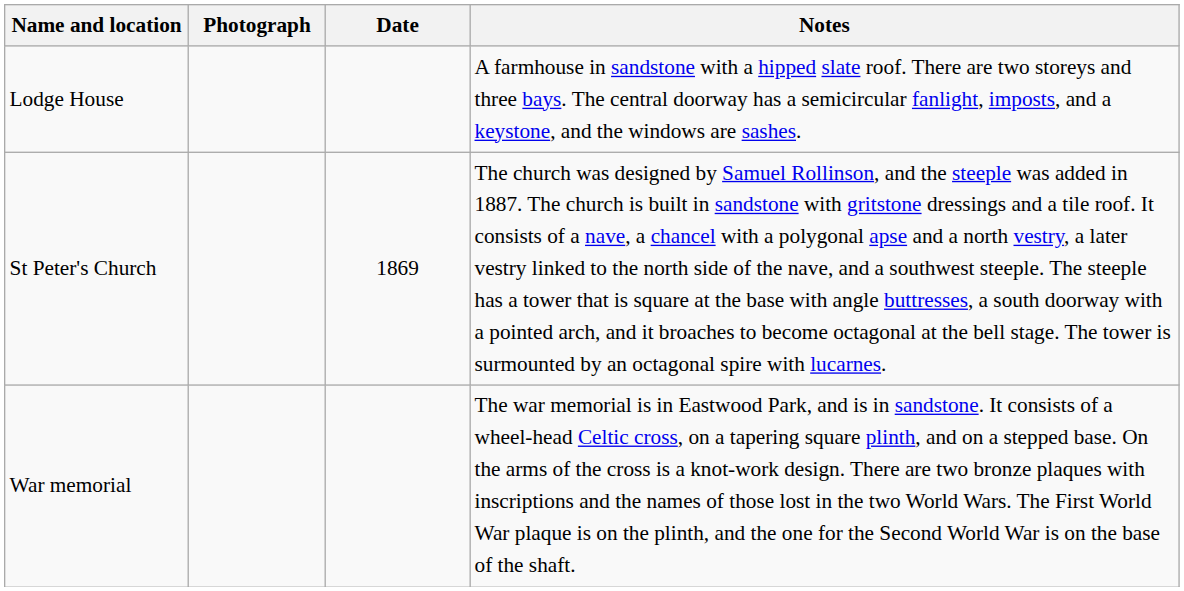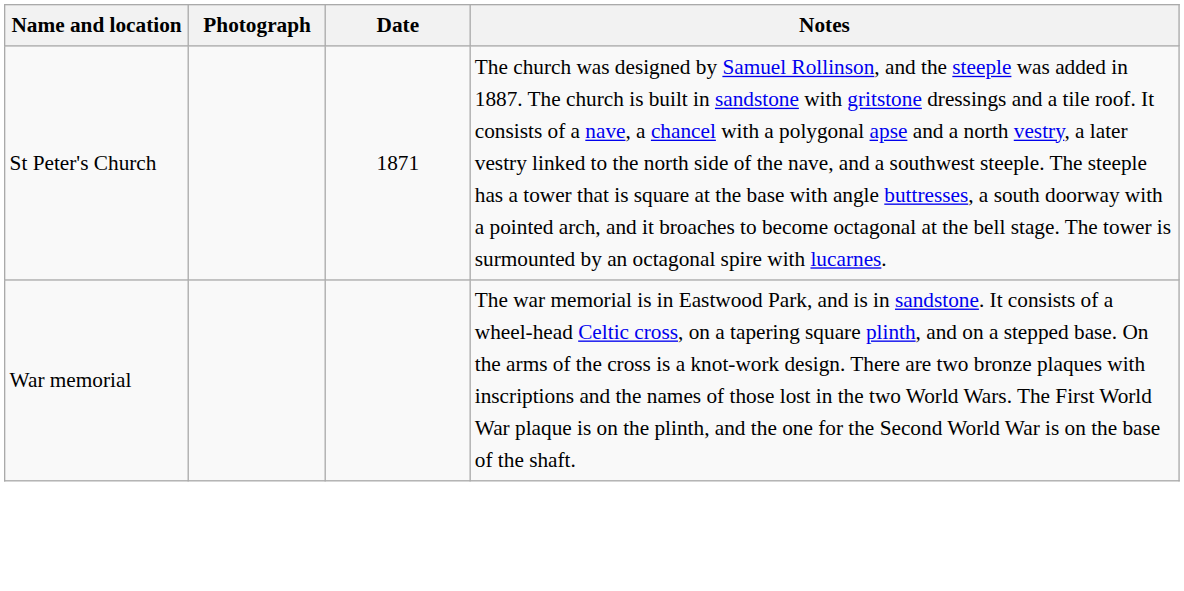 <table class="wikitable sortable plainrowheaders" style="width:100%;border:0px;text-align:left;line-height:150%;">
 <tr>
 <th scope="col"  style="width:150px">Name and location</th>
 <th scope="col"  style="width:100px" class="unsortable">Photograph</th>
 <th scope="col"  style="width:120px">Date</th>
 <th scope="col"  style="width:650px" class="unsortable">Notes</th>
 </tr>
 <tr>
-<td>Lodge House<br><small></small></td>
-<td></td>
-<td align="center"></td>
-<td>A farmhouse in <a href='#'>sandstone</a> with a <a href='#'>hipped</a> <a href='#'>slate</a> roof.  There are two storeys and three <a href='#'>bays</a>.  The central doorway has a semicircular <a href='#'>fanlight</a>, <a href='#'>imposts</a>, and a <a href='#'>keystone</a>, and the windows are <a href='#'>sashes</a>.</td>
-</tr>
-<tr>
 <td>St Peter's Church<br><small></small></td>
 <td></td>
-<td align="center">1869</td>
+<td align="center">1871</td>
 <td>The church was designed by <a href='#'>Samuel Rollinson</a>, and the <a href='#'>steeple</a> was added in 1887.  The church is built in <a href='#'>sandstone</a> with <a href='#'>gritstone</a> dressings and a tile roof.  It consists of a <a href='#'>nave</a>, a <a href='#'>chancel</a> with a polygonal <a href='#'>apse</a> and a north <a href='#'>vestry</a>, a later vestry linked to the north side of the nave, and a southwest steeple.  The steeple has a tower that is square at the base with angle <a href='#'>buttresses</a>, a south doorway with a pointed arch, and it broaches to become octagonal at the bell stage.  The tower is surmounted by an octagonal spire with <a href='#'>lucarnes</a>.</td>
 </tr>
 <tr>
 <td>War memorial<br><small></small></td>
 <td></td>
 <td align="center"></td>
 <td>The war memorial is in Eastwood Park, and is in <a href='#'>sandstone</a>.  It consists of a wheel-head <a href='#'>Celtic cross</a>, on a tapering square <a href='#'>plinth</a>, and on a stepped base.  On the arms of the cross is a knot-work design.  There are two bronze plaques with inscriptions and the names of those lost in the two World Wars.  The First World War plaque is on the plinth, and the one for the Second World War is on the base of the shaft.</td>
 </tr>
 <tr>
 </tr>
 </table>
